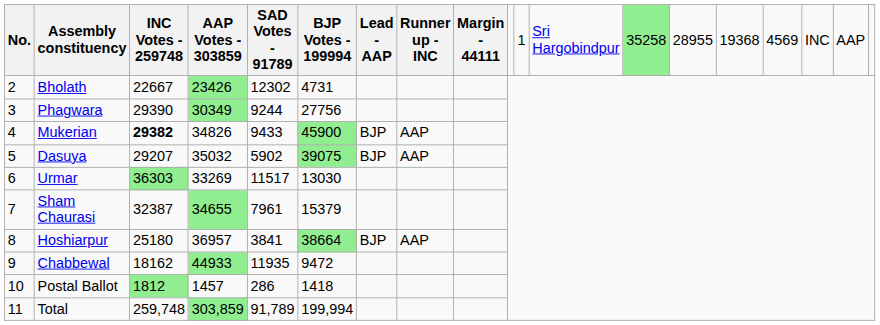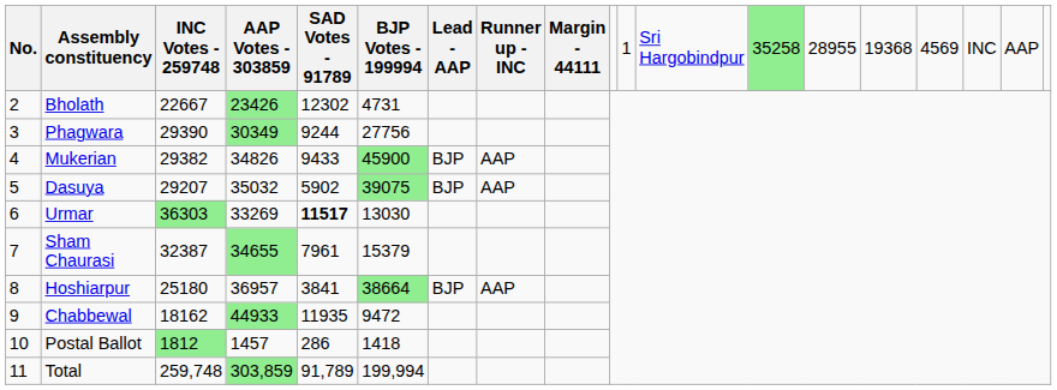 <table class="wikitable sortable">
 <tr>
 <th>No.</th>
 <th>Assembly constituency</th>
 <th>INC Votes - 259748</th>
 <th>AAP Votes - 303859</th>
 <th>SAD Votes - 91789</th>
 <th>BJP Votes - 199994</th>
 <th>Lead - AAP</th>
 <th>Runner up - INC</th>
 <th>Margin - 44111</th>
 <td></td>
 <td>1</td>
 <td><a href='#'>Sri Hargobindpur</a></td>
 <td bgcolor="lightgreen">35258</td>
 <td>28955</td>
 <td>19368</td>
 <td>4569</td>
 <td>INC</td>
 <td>AAP</td>
 <td></td>
 </tr>
 <tr>
 <td>2</td>
 <td><a href='#'>Bholath</a></td>
 <td>22667</td>
 <td bgcolor="lightgreen">23426</td>
 <td>12302</td>
 <td>4731</td>
 <td></td>
 <td></td>
 <td></td>
 </tr>
 <tr>
 <td>3</td>
 <td><a href='#'>Phagwara</a></td>
 <td>29390</td>
 <td bgcolor="lightgreen">30349</td>
 <td>9244</td>
 <td>27756</td>
 <td></td>
 <td></td>
 <td></td>
 </tr>
 <tr>
 <td>4</td>
 <td><a href='#'>Mukerian</a></td>
-<td><strong>29382</strong></td>
+<td>29382</td>
 <td>34826</td>
 <td>9433</td>
 <td bgcolor="lightgreen">45900</td>
 <td>BJP</td>
 <td>AAP</td>
 <td></td>
 </tr>
 <tr>
 <td>5</td>
 <td><a href='#'>Dasuya</a></td>
 <td>29207</td>
 <td>35032</td>
 <td>5902</td>
 <td bgcolor="lightgreen">39075</td>
 <td>BJP</td>
 <td>AAP</td>
 <td></td>
 </tr>
 <tr>
 <td>6</td>
 <td><a href='#'>Urmar</a></td>
 <td bgcolor="lightgreen">36303</td>
 <td>33269</td>
-<td>11517</td>
+<td><strong>11517</strong></td>
 <td>13030</td>
 <td></td>
 <td></td>
 <td></td>
 </tr>
 <tr>
 <td>7</td>
 <td><a href='#'>Sham Chaurasi</a></td>
 <td>32387</td>
 <td bgcolor="lightgreen">34655</td>
 <td>7961</td>
 <td>15379</td>
 <td></td>
 <td></td>
 <td></td>
 </tr>
 <tr>
 <td>8</td>
 <td><a href='#'>Hoshiarpur</a></td>
 <td>25180</td>
 <td>36957</td>
 <td>3841</td>
 <td bgcolor="lightgreen">38664</td>
 <td>BJP</td>
 <td>AAP</td>
 <td></td>
 </tr>
 <tr>
 <td>9</td>
 <td><a href='#'>Chabbewal</a></td>
 <td>18162</td>
 <td bgcolor="lightgreen">44933</td>
 <td>11935</td>
 <td>9472</td>
 <td></td>
 <td></td>
 <td></td>
 </tr>
 <tr>
 <td>10</td>
 <td>Postal Ballot</td>
 <td bgcolor="lightgreen">1812</td>
 <td>1457</td>
 <td>286</td>
 <td>1418</td>
 <td></td>
 <td></td>
 <td></td>
 </tr>
 <tr>
 <td>11</td>
 <td>Total</td>
 <td>259,748</td>
 <td bgcolor="lightgreen">303,859</td>
 <td>91,789</td>
 <td>199,994</td>
 <td></td>
 <td></td>
 <td></td>
 </tr>
 </table>
